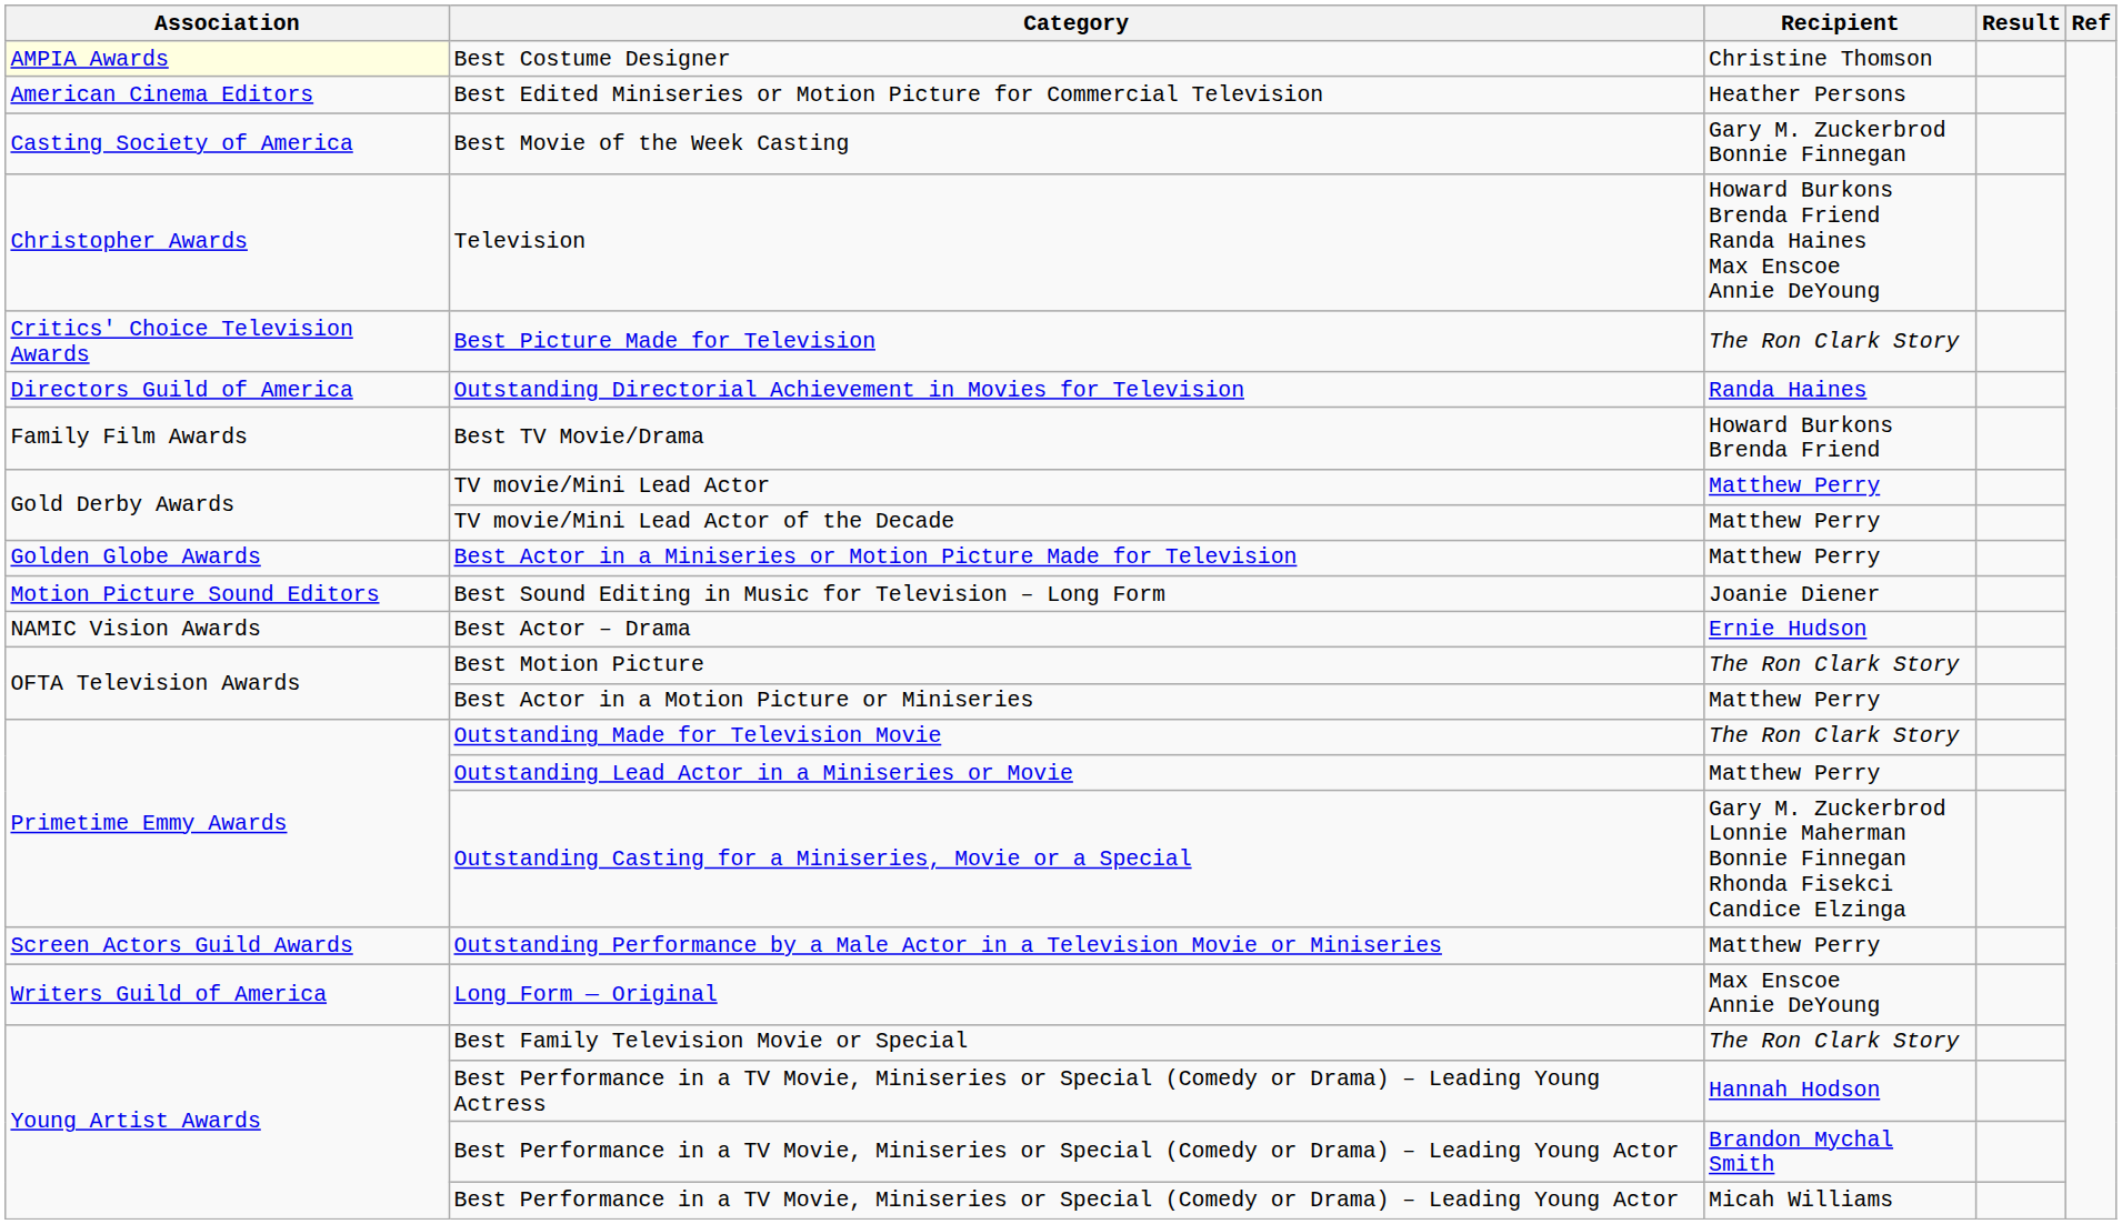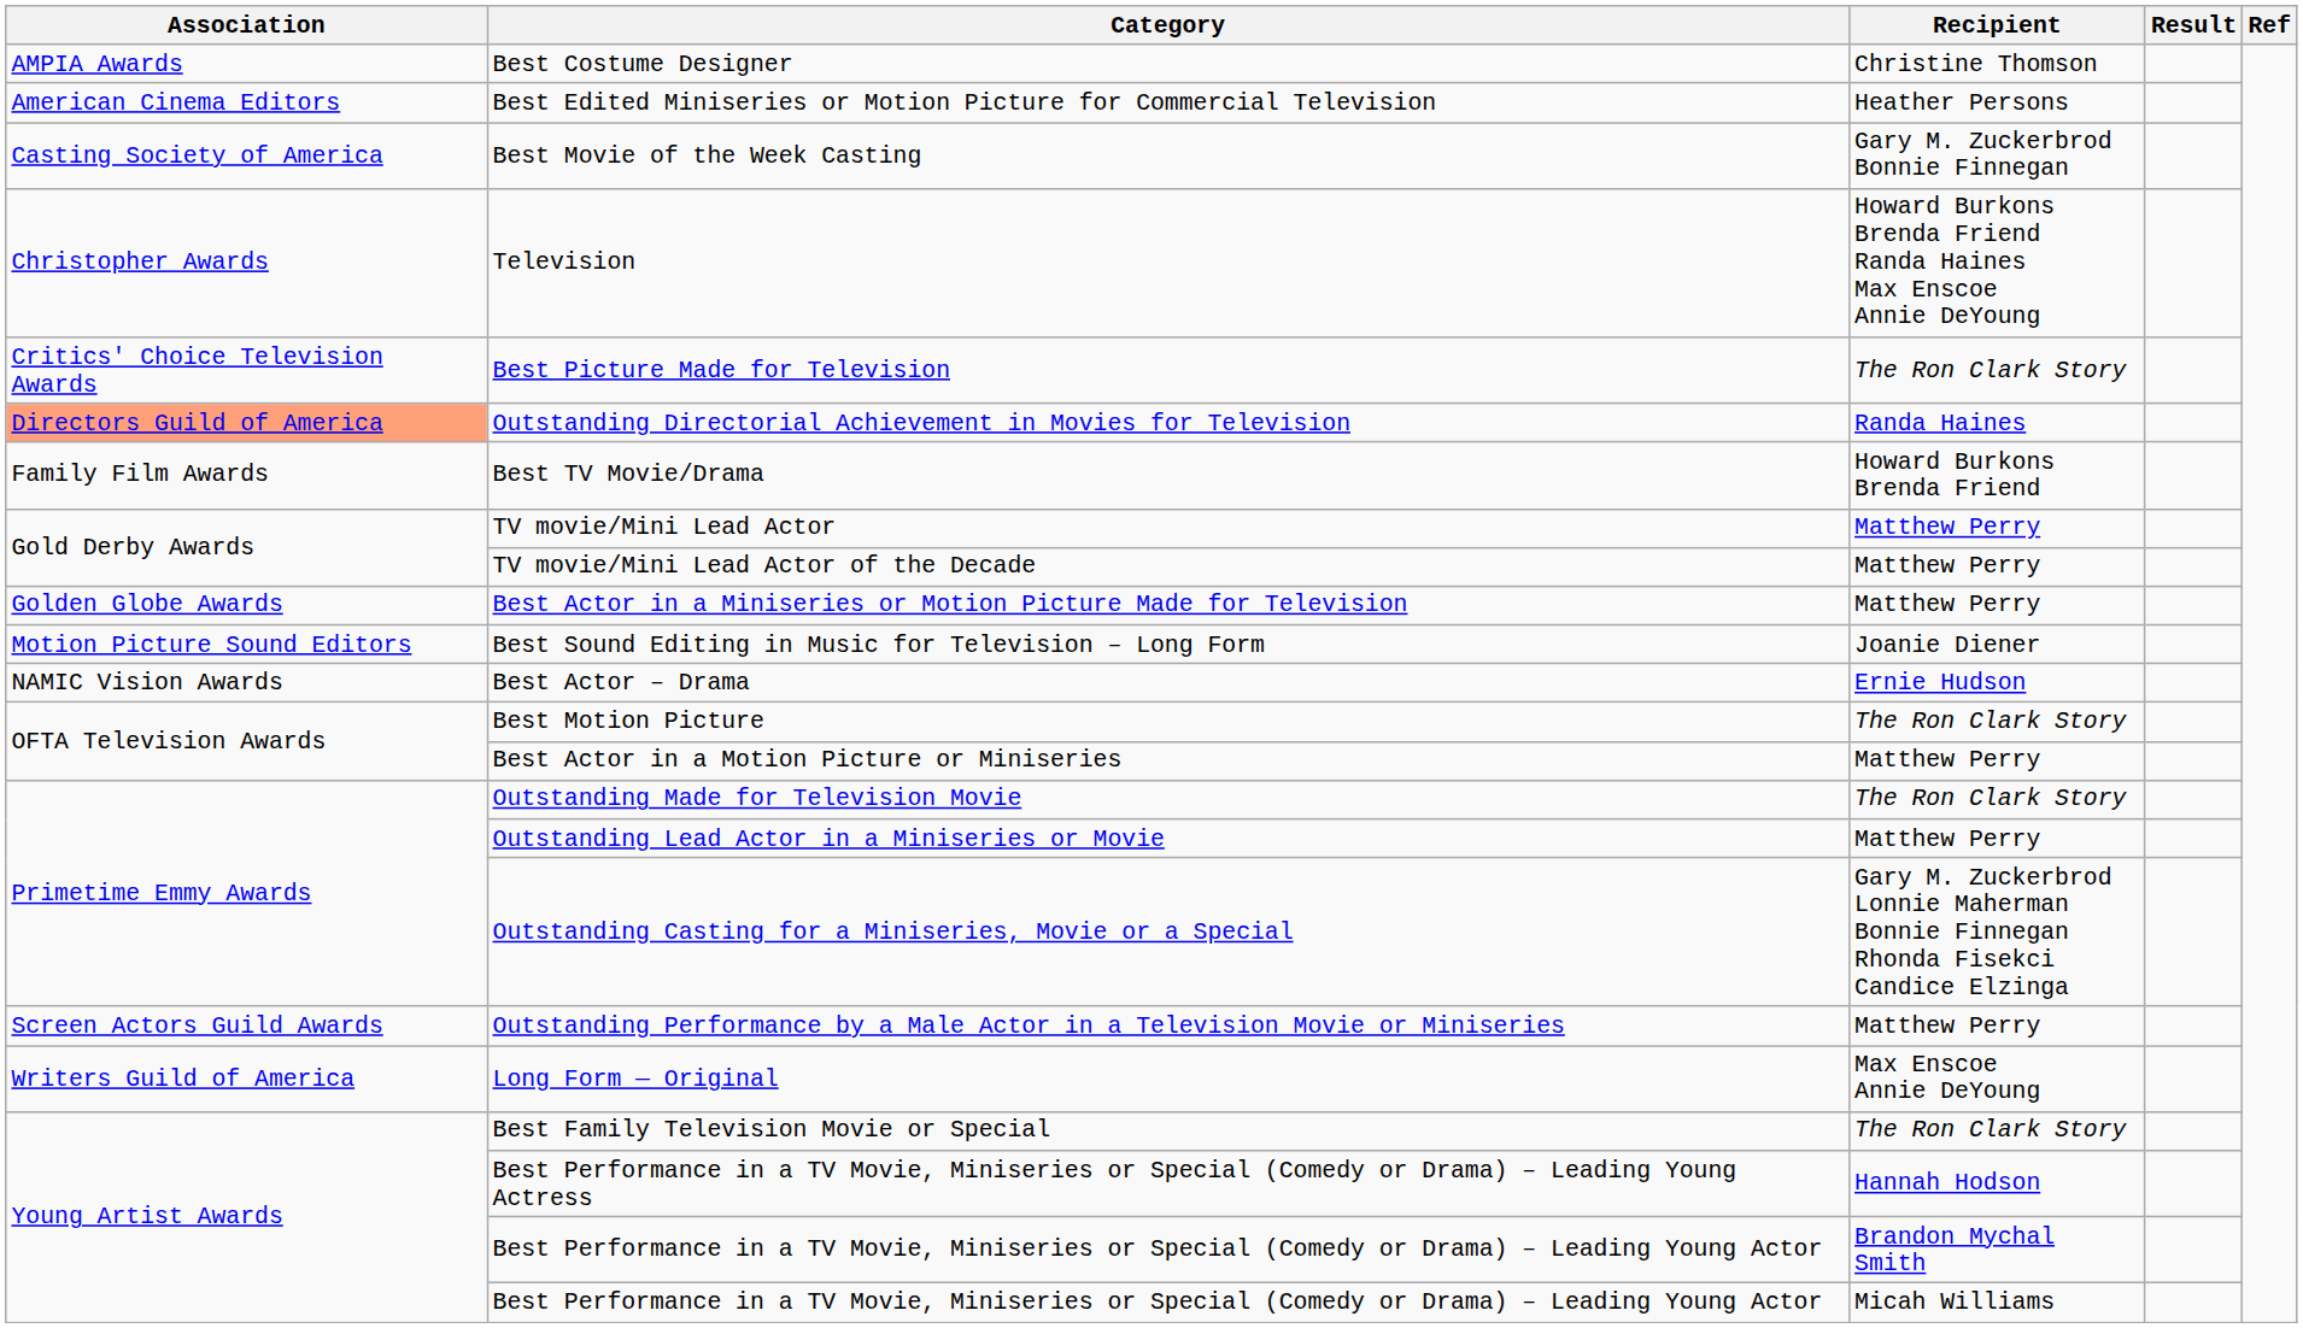 <table class="wikitable">
 <tr>
 <th>Association</th>
 <th>Category</th>
 <th>Recipient</th>
 <th>Result</th>
 <th>Ref</th>
 </tr>
 <tr>
-<td style="background: lightyellow;"><a href='#'>AMPIA Awards</a></td>
+<td><a href='#'>AMPIA Awards</a></td>
 <td>Best Costume Designer</td>
 <td>Christine Thomson</td>
 <td></td>
 <td rowspan="23"></td>
 </tr>
 <tr>
 <td><a href='#'>American Cinema Editors</a></td>
 <td>Best Edited Miniseries or Motion Picture for Commercial Television</td>
 <td>Heather Persons</td>
 <td></td>
 </tr>
 <tr>
 <td><a href='#'>Casting Society of America</a></td>
 <td>Best Movie of the Week Casting</td>
 <td>Gary M. Zuckerbrod<br>Bonnie Finnegan</td>
 <td></td>
 </tr>
 <tr>
 <td><a href='#'>Christopher Awards</a></td>
 <td>Television</td>
 <td>Howard Burkons<br>Brenda Friend<br>Randa Haines<br>Max Enscoe<br>Annie DeYoung</td>
 <td></td>
 </tr>
 <tr>
 <td><a href='#'>Critics' Choice Television Awards</a></td>
 <td><a href='#'>Best Picture Made for Television</a></td>
 <td><em>The Ron Clark Story</em></td>
 <td></td>
 </tr>
 <tr>
-<td><a href='#'>Directors Guild of America</a></td>
+<td style="background: lightsalmon;"><a href='#'>Directors Guild of America</a></td>
 <td><a href='#'>Outstanding Directorial Achievement in Movies for Television</a></td>
 <td><a href='#'>Randa Haines</a></td>
 <td></td>
 </tr>
 <tr>
 <td>Family Film Awards</td>
 <td>Best TV Movie/Drama</td>
 <td>Howard Burkons<br>Brenda Friend</td>
 <td></td>
 </tr>
 <tr>
 <td rowspan="2">Gold Derby Awards</td>
 <td>TV movie/Mini Lead Actor</td>
 <td><a href='#'>Matthew Perry</a></td>
 <td></td>
 </tr>
 <tr>
 <td>TV movie/Mini Lead Actor of the Decade</td>
 <td>Matthew Perry</td>
 <td></td>
 </tr>
 <tr>
 <td><a href='#'>Golden Globe Awards</a></td>
 <td><a href='#'>Best Actor in a Miniseries or Motion Picture Made for Television</a></td>
 <td>Matthew Perry</td>
 <td></td>
 </tr>
 <tr>
 <td><a href='#'>Motion Picture Sound Editors</a></td>
 <td>Best Sound Editing in Music for Television – Long Form</td>
 <td>Joanie Diener</td>
 <td></td>
 </tr>
 <tr>
 <td>NAMIC Vision Awards</td>
 <td>Best Actor – Drama</td>
 <td><a href='#'>Ernie Hudson</a></td>
 <td></td>
 </tr>
 <tr>
 <td rowspan="2">OFTA Television Awards</td>
 <td>Best Motion Picture</td>
 <td><em>The Ron Clark Story</em></td>
 <td></td>
 </tr>
 <tr>
 <td>Best Actor in a Motion Picture or Miniseries</td>
 <td>Matthew Perry</td>
 <td></td>
 </tr>
 <tr>
 <td rowspan="3"><a href='#'>Primetime Emmy Awards</a></td>
 <td><a href='#'>Outstanding Made for Television Movie</a></td>
 <td><em>The Ron Clark Story</em></td>
 <td></td>
 </tr>
 <tr>
 <td><a href='#'>Outstanding Lead Actor in a Miniseries or Movie</a></td>
 <td>Matthew Perry</td>
 <td></td>
 </tr>
 <tr>
 <td><a href='#'>Outstanding Casting for a Miniseries, Movie or a Special</a></td>
 <td>Gary M. Zuckerbrod<br>Lonnie Maherman<br>Bonnie Finnegan<br>Rhonda Fisekci<br>Candice Elzinga</td>
 <td></td>
 </tr>
 <tr>
 <td><a href='#'>Screen Actors Guild Awards</a></td>
 <td><a href='#'>Outstanding Performance by a Male Actor in a Television Movie or Miniseries</a></td>
 <td>Matthew Perry</td>
 <td></td>
 </tr>
 <tr>
 <td><a href='#'>Writers Guild of America</a></td>
 <td><a href='#'>Long Form — Original</a></td>
 <td>Max Enscoe<br>Annie DeYoung</td>
 <td></td>
 </tr>
 <tr>
 <td rowspan="4"><a href='#'>Young Artist Awards</a></td>
 <td>Best Family Television Movie or Special</td>
 <td><em>The Ron Clark Story</em></td>
 <td></td>
 </tr>
 <tr>
 <td>Best Performance in a TV Movie, Miniseries or Special (Comedy or Drama) – Leading Young Actress</td>
 <td><a href='#'>Hannah Hodson</a></td>
 <td></td>
 </tr>
 <tr>
 <td>Best Performance in a TV Movie, Miniseries or Special (Comedy or Drama) – Leading Young Actor</td>
 <td><a href='#'>Brandon Mychal Smith</a></td>
 <td></td>
 </tr>
 <tr>
 <td>Best Performance in a TV Movie, Miniseries or Special (Comedy or Drama) – Leading Young Actor</td>
 <td>Micah Williams</td>
 <td></td>
 </tr>
 </table>
